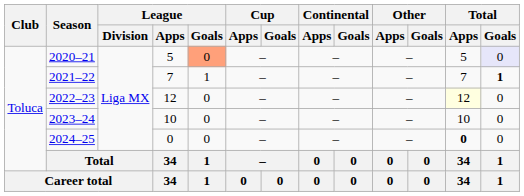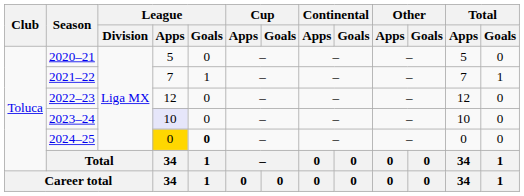 <table class="wikitable" style="text-align: center">
 <tr>
 <th rowspan="2">Club</th>
 <th rowspan="2">Season</th>
 <th colspan="3">League</th>
 <th colspan="2">Cup</th>
 <th colspan="2">Continental</th>
 <th colspan="2">Other</th>
 <th colspan="2">Total</th>
 </tr>
 <tr>
 <th>Division</th>
 <th>Apps</th>
 <th>Goals</th>
 <th>Apps</th>
 <th>Goals</th>
 <th>Apps</th>
 <th>Goals</th>
 <th>Apps</th>
 <th>Goals</th>
 <th>Apps</th>
 <th>Goals</th>
 </tr>
 <tr>
 <td rowspan="6"><a href='#'>Toluca</a></td>
 <td><a href='#'>2020–21</a></td>
 <td rowspan="5"><a href='#'>Liga MX</a></td>
 <td>5</td>
-<td style="background: lightsalmon;">0</td>
+<td>0</td>
 <td colspan="2">–</td>
 <td colspan="2">–</td>
 <td colspan="2">–</td>
 <td>5</td>
-<td style="background: lavender;">0</td>
+<td>0</td>
 </tr>
 <tr>
 <td><a href='#'>2021–22</a></td>
 <td>7</td>
 <td>1</td>
 <td colspan="2">–</td>
 <td colspan="2">–</td>
 <td colspan="2">–</td>
 <td>7</td>
-<td><strong>1</strong></td>
+<td>1</td>
 </tr>
 <tr>
 <td><a href='#'>2022–23</a></td>
 <td>12</td>
 <td>0</td>
 <td colspan="2">–</td>
 <td colspan="2">–</td>
 <td colspan="2">–</td>
-<td style="background: lightyellow;">12</td>
+<td>12</td>
 <td>0</td>
 </tr>
 <tr>
 <td><a href='#'>2023–24</a></td>
-<td>10</td>
+<td style="background: lavender;">10</td>
 <td>0</td>
 <td colspan="2">–</td>
 <td colspan="2">–</td>
 <td colspan="2">–</td>
 <td>10</td>
 <td>0</td>
 </tr>
 <tr>
 <td><a href='#'>2024–25</a></td>
-<td>0</td>
-<td>0</td>
+<td style="background: gold;">0</td>
+<td><strong>0</strong></td>
 <td colspan="2">–</td>
 <td colspan="2">–</td>
 <td colspan="2">–</td>
-<td><strong>0</strong></td>
+<td>0</td>
 <td>0</td>
 </tr>
 <tr>
 <th colspan=2>Total</th>
 <th>34</th>
 <th>1</th>
 <th colspan="2">–</th>
 <th>0</th>
 <th>0</th>
 <th>0</th>
 <th>0</th>
 <th>34</th>
 <th>1</th>
 </tr>
 <tr>
 <th colspan="3"><strong>Career total</strong></th>
 <th>34</th>
 <th>1</th>
 <th>0</th>
 <th>0</th>
 <th>0</th>
 <th>0</th>
 <th>0</th>
 <th>0</th>
 <th>34</th>
 <th>1</th>
 </tr>
 </table>
